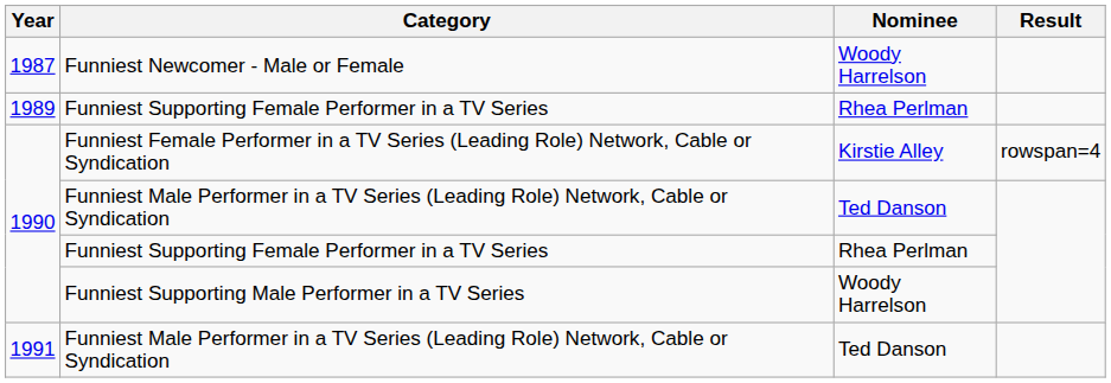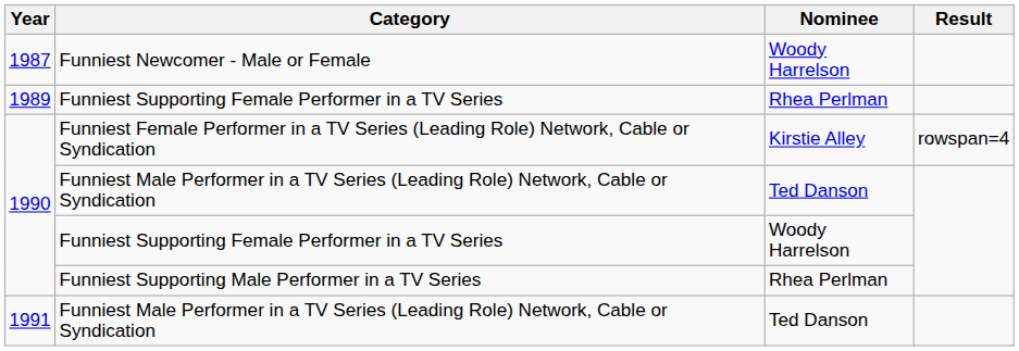 <table class="wikitable">
 <tr>
 <th>Year</th>
 <th>Category</th>
 <th>Nominee</th>
 <th>Result</th>
 </tr>
 <tr>
 <td><a href='#'>1987</a></td>
 <td>Funniest Newcomer - Male or Female</td>
 <td><a href='#'>Woody Harrelson</a></td>
 <td></td>
 </tr>
 <tr>
 <td><a href='#'>1989</a></td>
 <td>Funniest Supporting Female Performer in a TV Series</td>
 <td><a href='#'>Rhea Perlman</a></td>
 <td></td>
 </tr>
 <tr>
 <td rowspan=4><a href='#'>1990</a></td>
 <td>Funniest Female Performer in a TV Series (Leading Role) Network, Cable or Syndication</td>
 <td><a href='#'>Kirstie Alley</a></td>
 <td>rowspan=4 </td>
 </tr>
 <tr>
 <td>Funniest Male Performer in a TV Series (Leading Role) Network, Cable or Syndication</td>
 <td><a href='#'>Ted Danson</a></td>
 </tr>
 <tr>
 <td>Funniest Supporting Female Performer in a TV Series</td>
-<td>Rhea Perlman</td>
+<td>Woody Harrelson</td>
 </tr>
 <tr>
 <td>Funniest Supporting Male Performer in a TV Series</td>
-<td>Woody Harrelson</td>
+<td>Rhea Perlman</td>
 </tr>
 <tr>
 <td><a href='#'>1991</a></td>
 <td>Funniest Male Performer in a TV Series (Leading Role) Network, Cable or Syndication</td>
 <td>Ted Danson</td>
 <td></td>
 </tr>
 </table>
